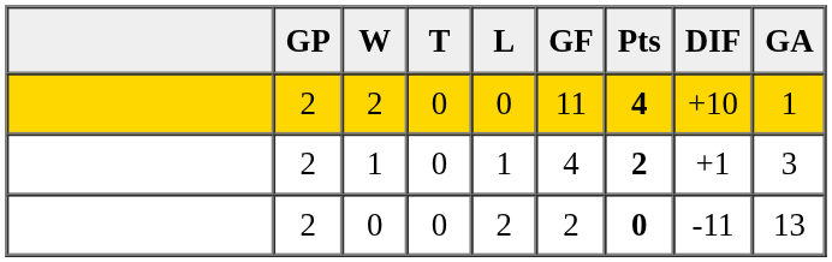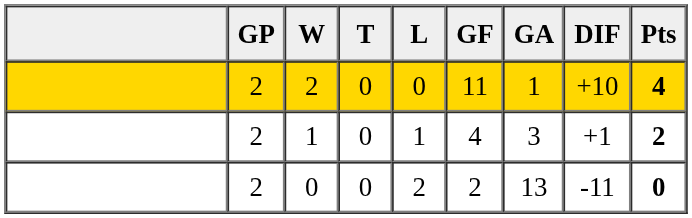 <table border=1 cellpadding=5 cellspacing=0>
 <tr>
 <th bgcolor="#efefef" width="120">　</th>
 <th bgcolor="#efefef" width="20">GP</th>
 <th bgcolor="#efefef" width="20">W</th>
 <th bgcolor="#efefef" width="20">T</th>
 <th bgcolor="#efefef" width="20">L</th>
 <th bgcolor="#efefef" width="20">GF</th>
+<th bgcolor="#efefef" width="20">GA</th>
+<th bgcolor="#efefef" width="20">DIF</th>
 <th bgcolor="#efefef" width="20">Pts</th>
-<th bgcolor="#efefef" width="20">DIF</th>
-<th bgcolor="#efefef" width="20">GA</th>
 </tr>
 <tr align=center bgcolor= gold>
 <td align=left><strong></strong></td>
 <td>2</td>
 <td>2</td>
 <td>0</td>
 <td>0</td>
 <td>11</td>
+<td>1</td>
+<td>+10</td>
 <td><strong>4</strong></td>
-<td>+10</td>
-<td>1</td>
 </tr>
 <tr align=center>
 <td align=left></td>
 <td>2</td>
 <td>1</td>
 <td>0</td>
 <td>1</td>
 <td>4</td>
+<td>3</td>
+<td>+1</td>
 <td><strong>2</strong></td>
-<td>+1</td>
-<td>3</td>
 </tr>
 <tr align=center>
 <td align=left></td>
 <td>2</td>
 <td>0</td>
 <td>0</td>
 <td>2</td>
 <td>2</td>
+<td>13</td>
+<td>-11</td>
 <td><strong>0</strong></td>
-<td>-11</td>
-<td>13</td>
 </tr>
 </table>
